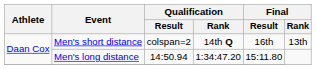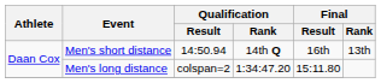 <table class="wikitable" style="font-size:90%">
 <tr>
 <th rowspan=2>Athlete</th>
 <th rowspan=2>Event</th>
 <th colspan=2>Qualification</th>
 <th colspan=2>Final</th>
 </tr>
 <tr style="font-size:95%">
 <th>Result</th>
 <th>Rank</th>
 <th>Result</th>
 <th>Rank</th>
 </tr>
 <tr align="center">
 <td align=left rowspan=2><a href='#'>Daan Cox</a></td>
 <td align=left><a href='#'>Men's short distance</a></td>
-<td>colspan=2 </td>
+<td>14:50.94</td>
 <td>14th <strong>Q</strong></td>
 <td>16th</td>
 <td>13th</td>
 </tr>
 <tr align="center">
 <td align=left><a href='#'>Men's long distance</a></td>
-<td>14:50.94</td>
+<td>colspan=2 </td>
 <td>1:34:47.20</td>
 <td>15:11.80</td>
 </tr>
 <tr align="center">
 </tr>
 </table>
